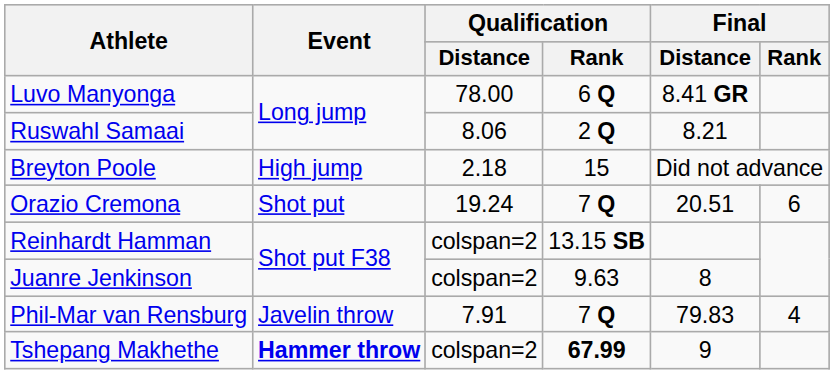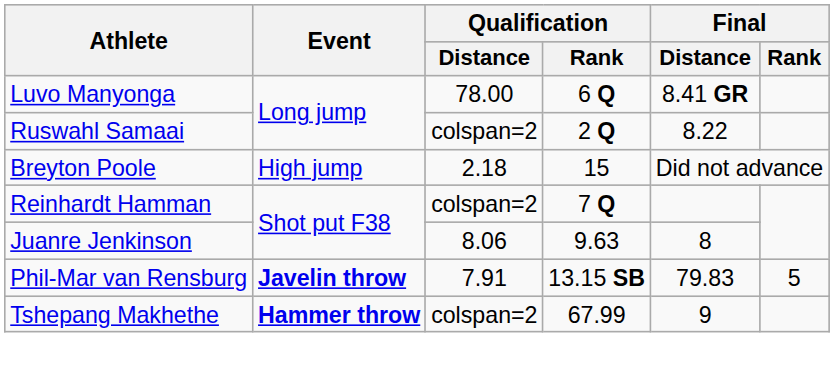 <table class="wikitable" style="font-size:90%">
 <tr>
 <th rowspan=2>Athlete</th>
 <th rowspan=2>Event</th>
 <th colspan=2>Qualification</th>
 <th colspan=2>Final</th>
 </tr>
 <tr style="font-size:95%">
 <th>Distance</th>
 <th>Rank</th>
 <th>Distance</th>
 <th>Rank</th>
 </tr>
 <tr align=center>
 <td align=left><a href='#'>Luvo Manyonga</a></td>
 <td style="text-align:left;" rowspan=2><a href='#'>Long jump</a></td>
 <td>78.00</td>
 <td>6 <strong>Q</strong></td>
 <td>8.41 <strong>GR</strong></td>
 <td></td>
 </tr>
 <tr align=center>
 <td align=left><a href='#'>Ruswahl Samaai</a></td>
-<td>8.06</td>
+<td>colspan=2</td>
 <td>2 <strong>Q</strong></td>
-<td>8.21</td>
+<td>8.22</td>
 <td></td>
 </tr>
 <tr align=center>
 <td align=left><a href='#'>Breyton Poole</a></td>
 <td style="text-align:left;"><a href='#'>High jump</a></td>
 <td>2.18</td>
 <td>15</td>
 <td colspan=2>Did not advance</td>
 </tr>
 <tr align=center>
-<td align=left><a href='#'>Orazio Cremona</a></td>
-<td style="text-align:left;"><a href='#'>Shot put</a></td>
-<td>19.24</td>
-<td>7 <strong>Q</strong></td>
-<td>20.51</td>
-<td>6</td>
-</tr>
-<tr align=center>
 <td align=left><a href='#'>Reinhardt Hamman</a></td>
 <td style="text-align:left;" rowspan=2><a href='#'>Shot put F38</a></td>
 <td>colspan=2</td>
-<td>13.15 <strong>SB</strong></td>
+<td>7 <strong>Q</strong></td>
 <td></td>
 </tr>
 <tr align=center>
 <td align=left><a href='#'>Juanre Jenkinson</a></td>
-<td>colspan=2</td>
+<td>8.06</td>
 <td>9.63</td>
 <td>8</td>
 </tr>
 <tr align=center>
 <td align=left><a href='#'>Phil-Mar van Rensburg</a></td>
-<td style="text-align:left;"><a href='#'>Javelin throw</a></td>
+<td style="text-align:left;"><strong><a href='#'>Javelin throw</a></strong></td>
 <td>7.91</td>
-<td>7 <strong>Q</strong></td>
+<td>13.15 <strong>SB</strong></td>
 <td>79.83</td>
-<td>4</td>
+<td>5</td>
 </tr>
 <tr align=center>
 <td align=left><a href='#'>Tshepang Makhethe</a></td>
 <td style="text-align:left;"><strong><a href='#'>Hammer throw</a></strong></td>
 <td>colspan=2</td>
-<td><strong>67.99</strong></td>
+<td>67.99</td>
 <td>9</td>
 </tr>
 </table>
